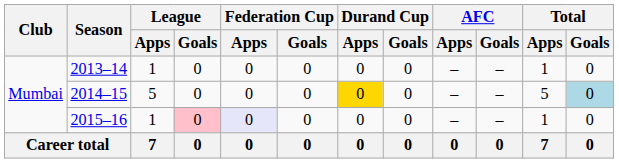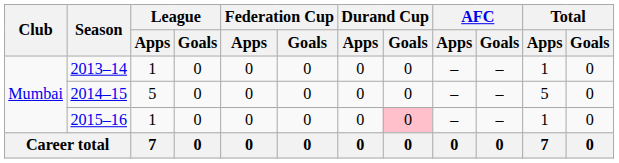 <table class="wikitable" style="text-align: center;">
 <tr>
 <th rowspan="2">Club</th>
 <th rowspan="2">Season</th>
 <th colspan="2">League</th>
 <th colspan="2">Federation Cup</th>
 <th colspan="2">Durand Cup</th>
 <th colspan="2"><a href='#'>AFC</a></th>
 <th colspan="2">Total</th>
 </tr>
 <tr>
 <th>Apps</th>
 <th>Goals</th>
 <th>Apps</th>
 <th>Goals</th>
 <th>Apps</th>
 <th>Goals</th>
 <th>Apps</th>
 <th>Goals</th>
 <th>Apps</th>
 <th>Goals</th>
 </tr>
 <tr>
 <td rowspan="3"><a href='#'>Mumbai</a></td>
 <td><a href='#'>2013–14</a></td>
 <td>1</td>
 <td>0</td>
 <td>0</td>
 <td>0</td>
 <td>0</td>
 <td>0</td>
 <td>–</td>
 <td>–</td>
 <td>1</td>
 <td>0</td>
 </tr>
 <tr>
 <td><a href='#'>2014–15</a></td>
 <td>5</td>
 <td>0</td>
 <td>0</td>
 <td>0</td>
-<td style="background: gold;">0</td>
+<td>0</td>
 <td>0</td>
 <td>–</td>
 <td>–</td>
 <td>5</td>
-<td style="background: lightblue;">0</td>
+<td>0</td>
 </tr>
 <tr>
 <td><a href='#'>2015–16</a></td>
 <td>1</td>
-<td style="background: pink;">0</td>
-<td style="background: lavender;">0</td>
 <td>0</td>
 <td>0</td>
 <td>0</td>
+<td>0</td>
+<td style="background: pink;">0</td>
 <td>–</td>
 <td>–</td>
 <td>1</td>
 <td>0</td>
 </tr>
 <tr>
 <th colspan="2">Career total</th>
 <th>7</th>
 <th>0</th>
 <th>0</th>
 <th>0</th>
 <th>0</th>
 <th>0</th>
 <th>0</th>
 <th>0</th>
 <th>7</th>
 <th>0</th>
 </tr>
 </table>
